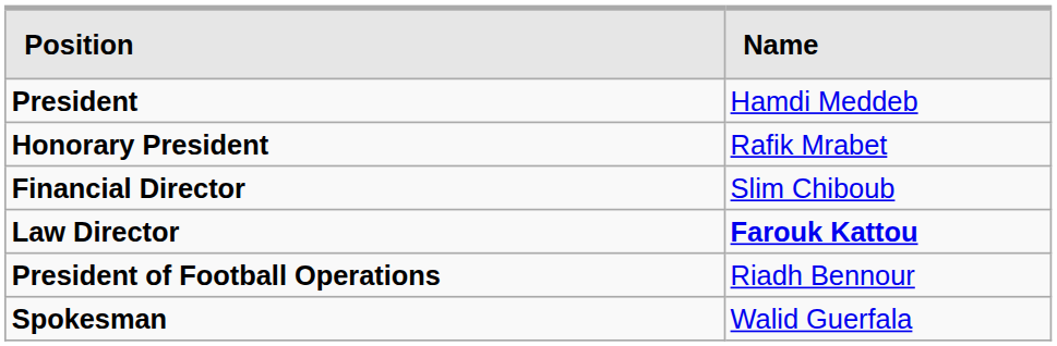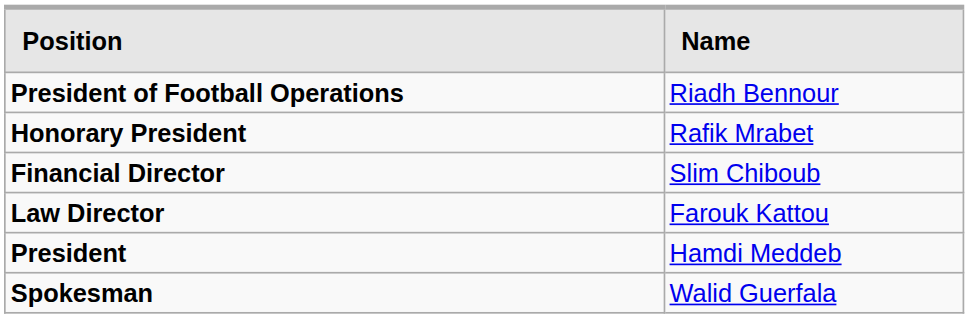 <table class="wikitable" style="width: 65%; text-align: left; border-collapse: collapse; font-size: 95%; font-family: 'Verdana', sans-serif; background-color: #f9f9f9; border: 1px solid #ccc; margin-top: 10px; float: left;">
 <tr>
 <th style="padding: 10px; background-color: #e6e6e6; border-top: 3px solid #aaa; text-align: left;">Position</th>
 <th style="padding: 10px; background-color: #e6e6e6; border-top: 3px solid #aaa; text-align: left;">Name</th>
 </tr>
 <tr>
-<td><strong>President</strong></td>
-<td> <a href='#'>Hamdi Meddeb</a></td>
+<td><strong>President of Football Operations</strong></td>
+<td> <a href='#'>Riadh Bennour</a></td>
 </tr>
 <tr>
 <td><strong>Honorary President</strong></td>
 <td> <a href='#'>Rafik Mrabet</a></td>
 </tr>
 <tr>
 <td><strong>Financial Director</strong></td>
 <td> <a href='#'>Slim Chiboub</a></td>
 </tr>
 <tr>
 <td><strong>Law Director</strong></td>
-<td><strong> <a href='#'>Farouk Kattou</a></strong></td>
+<td> <a href='#'>Farouk Kattou</a></td>
 </tr>
 <tr>
-<td><strong>President of Football Operations</strong></td>
-<td> <a href='#'>Riadh Bennour</a></td>
+<td><strong>President</strong></td>
+<td> <a href='#'>Hamdi Meddeb</a></td>
 </tr>
 <tr>
 <td><strong>Spokesman</strong></td>
 <td> <a href='#'>Walid Guerfala</a></td>
 </tr>
 </table>
